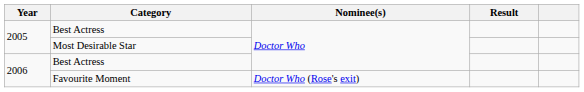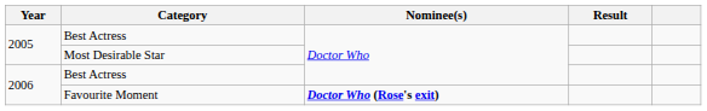 <table class="wikitable" style="width:70%">
 <tr>
 <th style="width:8%">Year</th>
 <th style="width:35%">Category</th>
 <th style="width:38%">Nominee(s)</th>
 <th style="width:12%">Result</th>
 <th style="width:7%"></th>
 </tr>
 <tr>
 <td rowspan="2">2005</td>
 <td>Best Actress</td>
 <td rowspan = "3"><em><a href='#'>Doctor Who</a></em></td>
 <td></td>
 <td></td>
 </tr>
 <tr>
 <td>Most Desirable Star</td>
 <td></td>
 <td></td>
 </tr>
 <tr>
 <td rowspan="2">2006</td>
 <td>Best Actress</td>
 <td></td>
 <td></td>
 </tr>
 <tr>
 <td>Favourite Moment</td>
-<td><em><a href='#'>Doctor Who</a></em> (<a href='#'>Rose</a>'s <a href='#'>exit</a>)</td>
+<td><strong><em><a href='#'>Doctor Who</a></em> (<a href='#'>Rose</a>'s <a href='#'>exit</a>)</strong></td>
 <td></td>
 <td></td>
 </tr>
 </table>
